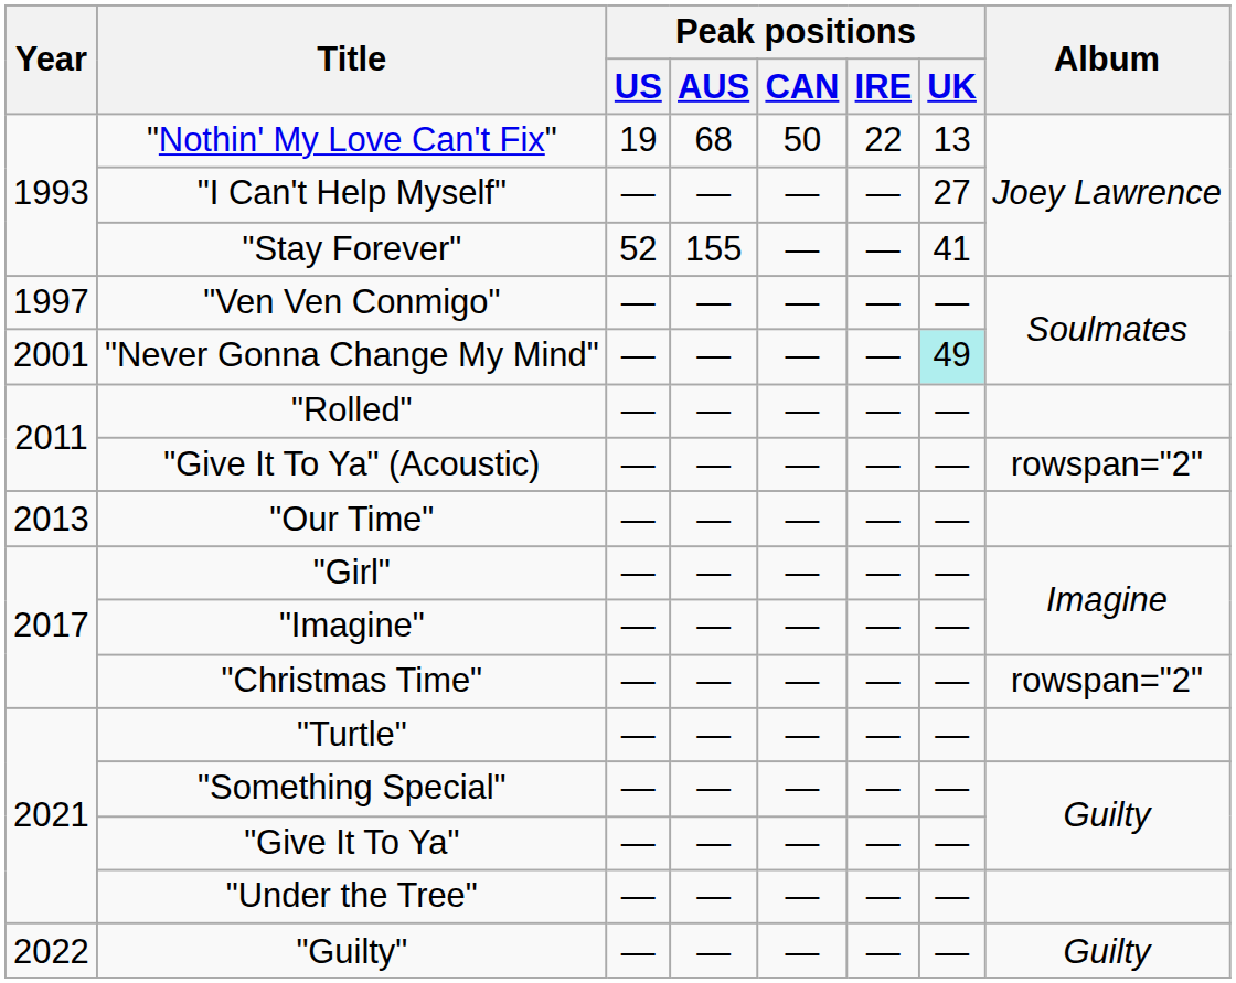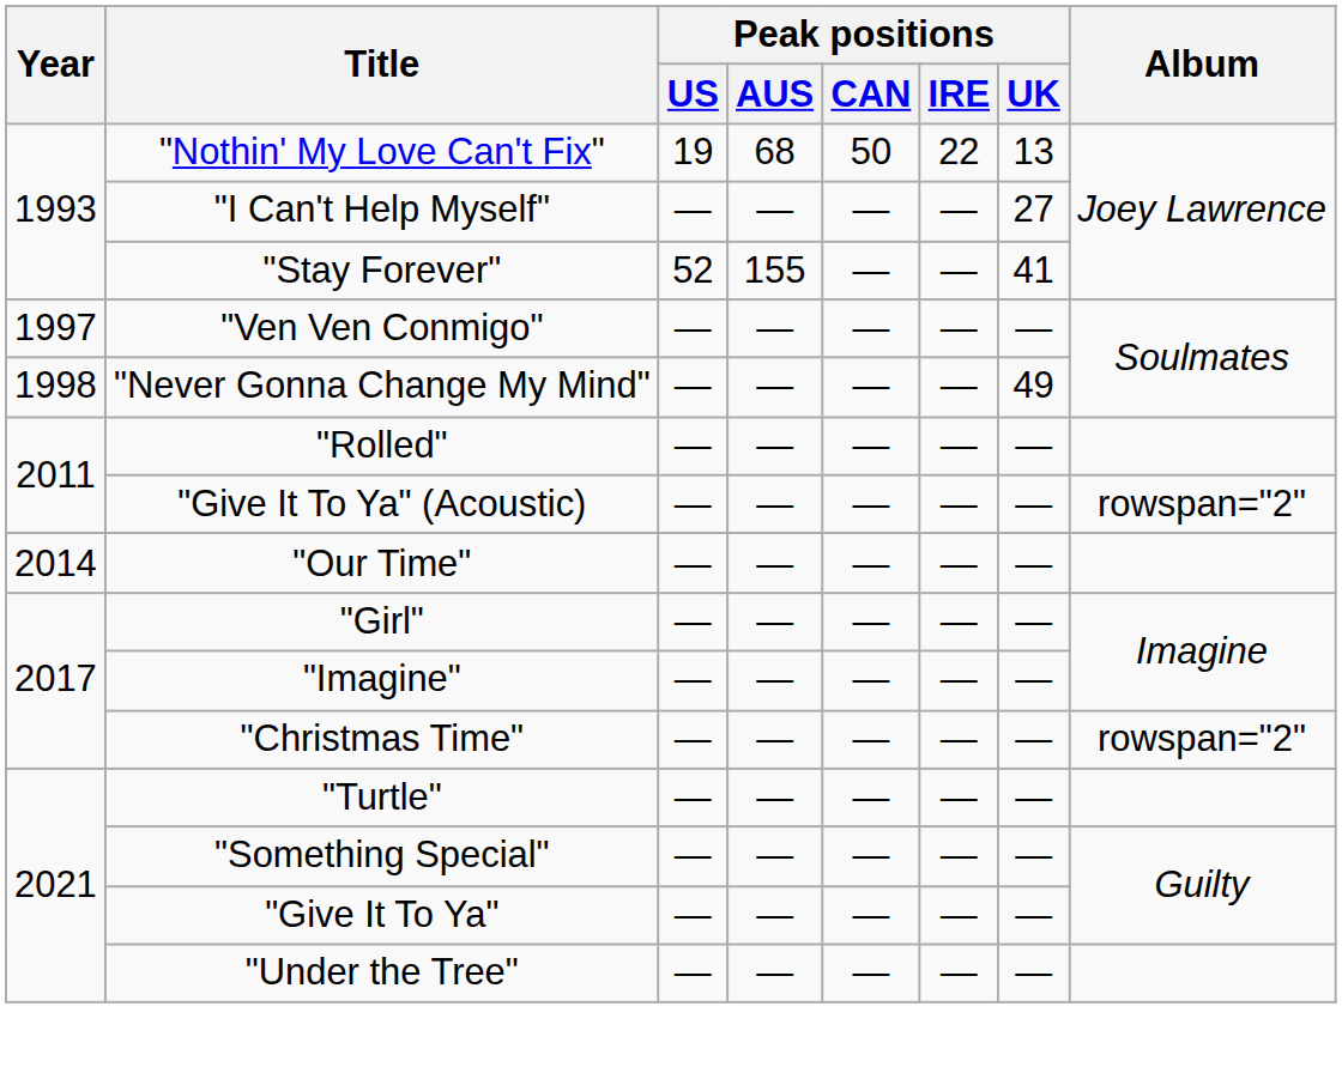 <table class="wikitable" plainrowheaders" style="text-align:center;" border="1">
 <tr>
 <th rowspan="2" style="text-align:center;">Year</th>
 <th rowspan="2" style="text-align:center;">Title</th>
 <th style="text-align:center;" colspan=5>Peak positions</th>
 <th rowspan="2" style="text-align:center;">Album</th>
 </tr>
 <tr>
 <th scope="col"><a href='#'>US</a><br></th>
 <th scope="col"><a href='#'>AUS</a><br></th>
 <th scope="col"><a href='#'>CAN</a><br></th>
 <th scope="col"><a href='#'>IRE</a><br></th>
 <th scope="col"><a href='#'>UK</a><br></th>
 </tr>
 <tr>
 <td style="text-align:center;" rowspan=3>1993</td>
 <td>"<a href='#'>Nothin' My Love Can't Fix</a>"</td>
 <td style="text-align:center;">19</td>
 <td style="text-align:center;">68</td>
 <td style="text-align:center;">50</td>
 <td style="text-align:center;">22</td>
 <td style="text-align:center;">13</td>
 <td style="text-align:center;" rowspan=3><em>Joey Lawrence</em></td>
 </tr>
 <tr>
 <td>"I Can't Help Myself"</td>
 <td style="text-align:center;">—</td>
 <td style="text-align:center;">—</td>
 <td style="text-align:center;">—</td>
 <td style="text-align:center;">—</td>
 <td style="text-align:center;">27</td>
 </tr>
 <tr>
 <td>"Stay Forever"</td>
 <td style="text-align:center;">52</td>
 <td style="text-align:center;">155</td>
 <td style="text-align:center;">—</td>
 <td style="text-align:center;">—</td>
 <td style="text-align:center;">41</td>
 </tr>
 <tr>
 <td style="text-align:center;">1997</td>
 <td>"Ven Ven Conmigo"</td>
 <td style="text-align:center;">—</td>
 <td style="text-align:center;">—</td>
 <td style="text-align:center;">—</td>
 <td style="text-align:center;">—</td>
 <td style="text-align:center;">—</td>
 <td style="text-align:center;" rowspan="2"><em>Soulmates</em></td>
 </tr>
 <tr>
-<td style="text-align:center;">2001</td>
+<td style="text-align:center;">1998</td>
 <td>"Never Gonna Change My Mind"</td>
 <td style="text-align:center;">—</td>
 <td style="text-align:center;">—</td>
 <td style="text-align:center;">—</td>
 <td style="text-align:center;">—</td>
-<td style="background: paleturquoise; text-align:center;">49</td>
+<td style="text-align:center;">49</td>
 </tr>
 <tr>
 <td style="text-align:center;" rowspan="2">2011</td>
 <td>"Rolled"</td>
 <td style="text-align:center;">—</td>
 <td style="text-align:center;">—</td>
 <td style="text-align:center;">—</td>
 <td style="text-align:center;">—</td>
 <td style="text-align:center;">—</td>
 <td></td>
 </tr>
 <tr>
 <td>"Give It To Ya" (Acoustic)</td>
 <td style="text-align:center;">—</td>
 <td style="text-align:center;">—</td>
 <td style="text-align:center;">—</td>
 <td style="text-align:center;">—</td>
 <td style="text-align:center;">—</td>
 <td>rowspan="2" </td>
 </tr>
 <tr>
-<td style="text-align:center;">2013</td>
+<td style="text-align:center;">2014</td>
 <td>"Our Time"</td>
 <td style="text-align:center;">—</td>
 <td style="text-align:center;">—</td>
 <td style="text-align:center;">—</td>
 <td style="text-align:center;">—</td>
 <td style="text-align:center;">—</td>
 <td></td>
 </tr>
 <tr>
 <td style="text-align:center;" rowspan="3">2017</td>
 <td>"Girl"</td>
 <td style="text-align:center;">—</td>
 <td style="text-align:center;">—</td>
 <td style="text-align:center;">—</td>
 <td style="text-align:center;">—</td>
 <td style="text-align:center;">—</td>
 <td style="text-align:center;" rowspan="2"><em>Imagine</em></td>
 </tr>
 <tr>
 <td>"Imagine"</td>
 <td style="text-align:center;">—</td>
 <td style="text-align:center;">—</td>
 <td style="text-align:center;">—</td>
 <td style="text-align:center;">—</td>
 <td style="text-align:center;">—</td>
 </tr>
 <tr>
 <td>"Christmas Time"</td>
 <td style="text-align:center;">—</td>
 <td style="text-align:center;">—</td>
 <td style="text-align:center;">—</td>
 <td style="text-align:center;">—</td>
 <td style="text-align:center;">—</td>
 <td>rowspan="2" </td>
 </tr>
 <tr>
 <td style="text-align:center;" rowspan="4">2021</td>
 <td>"Turtle"</td>
 <td style="text-align:center;">—</td>
 <td style="text-align:center;">—</td>
 <td style="text-align:center;">—</td>
 <td style="text-align:center;">—</td>
 <td style="text-align:center;">—</td>
 </tr>
 <tr>
 <td>"Something Special"</td>
 <td style="text-align:center;">—</td>
 <td style="text-align:center;">—</td>
 <td style="text-align:center;">—</td>
 <td style="text-align:center;">—</td>
 <td style="text-align:center;">—</td>
 <td style="text-align:center;" rowspan="2"><em>Guilty</em></td>
 </tr>
 <tr>
 <td>"Give It To Ya"</td>
 <td style="text-align:center;">—</td>
 <td style="text-align:center;">—</td>
 <td style="text-align:center;">—</td>
 <td style="text-align:center;">—</td>
 <td style="text-align:center;">—</td>
 </tr>
 <tr>
 <td>"Under the Tree"</td>
 <td style="text-align:center;">—</td>
 <td style="text-align:center;">—</td>
 <td style="text-align:center;">—</td>
 <td style="text-align:center;">—</td>
 <td style="text-align:center;">—</td>
 <td></td>
 </tr>
-<tr>
-<td style="text-align:center;">2022</td>
-<td>"Guilty"</td>
-<td style="text-align:center;">—</td>
-<td style="text-align:center;">—</td>
-<td style="text-align:center;">—</td>
-<td style="text-align:center;">—</td>
-<td style="text-align:center;">—</td>
-<td style="text-align:center;"><em>Guilty</em></td>
-</tr>
 </table>
